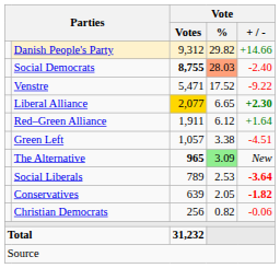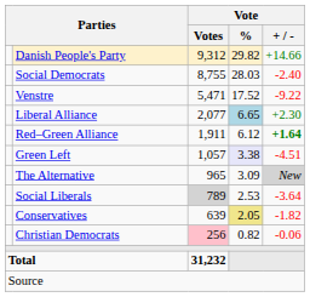 <table class="wikitable" style="text-align:right;">
 <tr>
 <th style="text-align:centre;" rowspan="2" colspan="2" width="225">Parties</th>
 <th colspan="3">Vote</th>
 </tr>
 <tr>
 <th width="15">Votes</th>
 <th width="15">%</th>
 <th width="15">+ / -</th>
 </tr>
 <tr>
 <td width="2" style="color:inherit;background:"></td>
 <td bgcolor=#fef2cc  align="left"><a href='#'>Danish People's Party</a></td>
 <td bgcolor=#fef2cc>9,312</td>
 <td bgcolor=#fef2cc>29.82</td>
 <td style=color:green;>+14.66</td>
 </tr>
 <tr>
 <td width="2" style="color:inherit;background:"></td>
 <td align="left"><a href='#'>Social Democrats</a></td>
-<td><strong>8,755</strong></td>
-<td style="background: lightsalmon;">28.03</td>
+<td>8,755</td>
+<td>28.03</td>
 <td style=color:red;>-2.40</td>
 </tr>
 <tr>
 <td width="2" style="color:inherit;background:"></td>
 <td align="left"><a href='#'>Venstre</a></td>
 <td>5,471</td>
 <td>17.52</td>
 <td style=color:red;>-9.22</td>
 </tr>
 <tr>
 <td width="2" style="color:inherit;background:"></td>
 <td align="left"><a href='#'>Liberal Alliance</a></td>
-<td style="background: gold;">2,077</td>
-<td>6.65</td>
-<td style=color:green;><strong>+2.30</strong></td>
+<td>2,077</td>
+<td style="background: lightblue;">6.65</td>
+<td style=color:green;>+2.30</td>
 </tr>
 <tr>
 <td width="2" style="color:inherit;background:"></td>
 <td align="left"><a href='#'>Red–Green Alliance</a></td>
 <td>1,911</td>
 <td>6.12</td>
-<td style=color:green;>+1.64</td>
+<td style=color:green;><strong>+1.64</strong></td>
 </tr>
 <tr>
 <td width="2" style="color:inherit;background:"></td>
 <td align="left"><a href='#'>Green Left</a></td>
 <td>1,057</td>
-<td>3.38</td>
+<td style="background: lavender;">3.38</td>
 <td style=color:red;>-4.51</td>
 </tr>
 <tr>
 <td width="2" style="color:inherit;background:"></td>
 <td align="left"><a href='#'>The Alternative</a></td>
-<td><strong>965</strong></td>
-<td style="background: lightgreen;">3.09</td>
-<td><em>New</em></td>
+<td>965</td>
+<td>3.09</td>
+<td style="background: lightgrey;"><em>New</em></td>
 </tr>
 <tr>
 <td width="2" style="color:inherit;background:"></td>
 <td align="left"><a href='#'>Social Liberals</a></td>
-<td>789</td>
+<td style="background: lightgrey;">789</td>
 <td>2.53</td>
-<td style=color:red;><strong>-3.64</strong></td>
+<td style=color:red;>-3.64</td>
 </tr>
 <tr>
 <td width="2" style="color:inherit;background:"></td>
 <td align="left"><a href='#'>Conservatives</a></td>
 <td>639</td>
-<td>2.05</td>
-<td style=color:red;><strong>-1.82</strong></td>
+<td style="background: khaki;">2.05</td>
+<td style=color:red;>-1.82</td>
 </tr>
 <tr>
 <td width="2" style="color:inherit;background:"></td>
 <td align="left"><a href='#'>Christian Democrats</a></td>
-<td>256</td>
+<td style="background: pink;">256</td>
 <td>0.82</td>
 <td style=color:red;>-0.06</td>
 </tr>
 <tr>
 <td colspan="7" bgcolor="#E9E9E9"></td>
 </tr>
 <tr>
 <td align="left" colspan="2"><strong>Total</strong></td>
 <td><strong>31,232</strong></td>
 <td bgcolor="#E9E9E9" colspan="2"></td>
 </tr>
 <tr>
 <td align="left" colspan="6">Source</td>
 </tr>
 </table>
